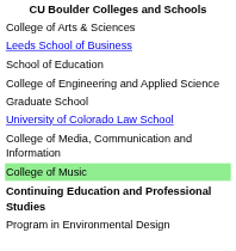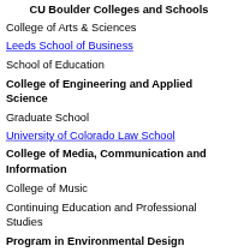 <table class="toccolours" style="float:right; margin-left:1em; font-size:90%; line-height:1.4em; width:300px;">
 <tr>
 <th colspan=2 style="text-align: center;">CU Boulder Colleges and Schools</th>
 </tr>
 <tr>
 <td>College of Arts & Sciences</td>
 </tr>
 <tr>
 <td><a href='#'>Leeds School of Business</a></td>
 </tr>
 <tr>
 <td>School of Education</td>
 </tr>
 <tr>
-<td>College of Engineering and Applied Science</td>
+<td><strong>College of Engineering and Applied Science</strong></td>
 </tr>
 <tr>
 <td>Graduate School</td>
 </tr>
 <tr>
 <td><a href='#'>University of Colorado Law School</a></td>
 </tr>
 <tr>
-<td>College of Media, Communication and Information</td>
+<td><strong>College of Media, Communication and Information</strong></td>
 </tr>
 <tr>
-<td style="background: lightgreen;">College of Music</td>
+<td>College of Music</td>
 </tr>
 <tr>
-<td><strong>Continuing Education and Professional Studies</strong></td>
+<td>Continuing Education and Professional Studies</td>
 </tr>
 <tr>
-<td>Program in Environmental Design</td>
+<td><strong>Program in Environmental Design</strong></td>
 </tr>
 </table>
